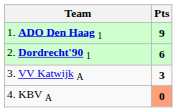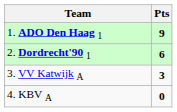 <table class="wikitable" style="text-align:center; float:left; margin-right:1em">
 <tr>
 <th style="width:200px">Team</th>
 <th width=20>Pts</th>
 </tr>
 <tr bgcolor=ccffcc>
 <td align=left>1. <strong><a href='#'>ADO Den Haag</a></strong> <sub>1</sub></td>
 <td><strong>9</strong></td>
 </tr>
 <tr bgcolor=ccffcc>
 <td align=left>2. <strong><a href='#'>Dordrecht'90</a></strong> <sub>1</sub></td>
 <td><strong>6</strong></td>
 </tr>
 <tr>
 <td align=left>3. <a href='#'>VV Katwijk</a> <sub>A</sub></td>
 <td><strong>3</strong></td>
 </tr>
 <tr>
 <td align=left>4. KBV <sub>A</sub></td>
-<td style="background: lightsalmon;"><strong>0</strong></td>
+<td><strong>0</strong></td>
 </tr>
 </table>
